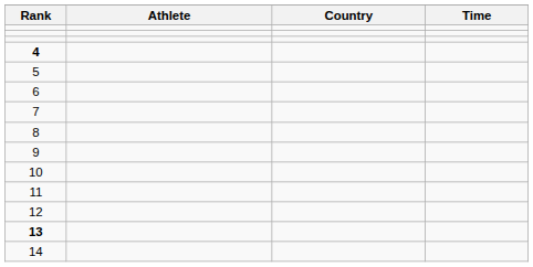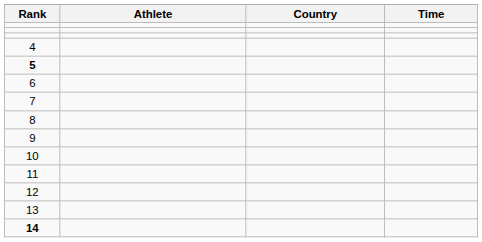 <table class="wikitable sortable" style=" text-align:center; font-size:95%;" width="50%">
 <tr>
 </tr>
 <tr>
 <th width=5%>Rank</th>
 <th width=20%>Athlete</th>
 <th width=15%>Country</th>
 <th width=10%>Time</th>
 </tr>
 <tr>
 <td align=center></td>
 <td align=left></td>
 <td align=left></td>
 <td></td>
 </tr>
 <tr>
 <td align=center></td>
 <td align=left></td>
 <td align=left></td>
 <td></td>
 </tr>
 <tr>
 <td align=center></td>
 <td align=left></td>
 <td align=left></td>
 <td></td>
 </tr>
 <tr>
-<td align=center><strong>4</strong></td>
+<td align=center>4</td>
 <td align=left></td>
 <td align=left></td>
 <td></td>
 </tr>
 <tr>
-<td align=center>5</td>
+<td align=center><strong>5</strong></td>
 <td align=left></td>
 <td align=left></td>
 <td></td>
 </tr>
 <tr>
 <td align=center>6</td>
 <td align=left></td>
 <td align=left></td>
 <td></td>
 </tr>
 <tr>
 <td align=center>7</td>
 <td align=left></td>
 <td align=left></td>
 <td></td>
 </tr>
 <tr>
 <td align=center>8</td>
 <td align=left></td>
 <td align=left></td>
 <td></td>
 </tr>
 <tr>
 <td align=center>9</td>
 <td align=left></td>
 <td align=left></td>
 <td></td>
 </tr>
 <tr>
 <td align=center>10</td>
 <td align=left></td>
 <td align=left></td>
 <td></td>
 </tr>
 <tr>
 <td align=center>11</td>
 <td align=left></td>
 <td align=left></td>
 <td></td>
 </tr>
 <tr>
 <td align=center>12</td>
 <td align=left></td>
 <td align=left></td>
 <td></td>
 </tr>
 <tr>
-<td align=center><strong>13</strong></td>
+<td align=center>13</td>
 <td align=left></td>
 <td align=left></td>
 <td></td>
 </tr>
 <tr>
-<td align=center>14</td>
+<td align=center><strong>14</strong></td>
 <td align=left></td>
 <td align=left></td>
 <td></td>
 </tr>
 </table>
